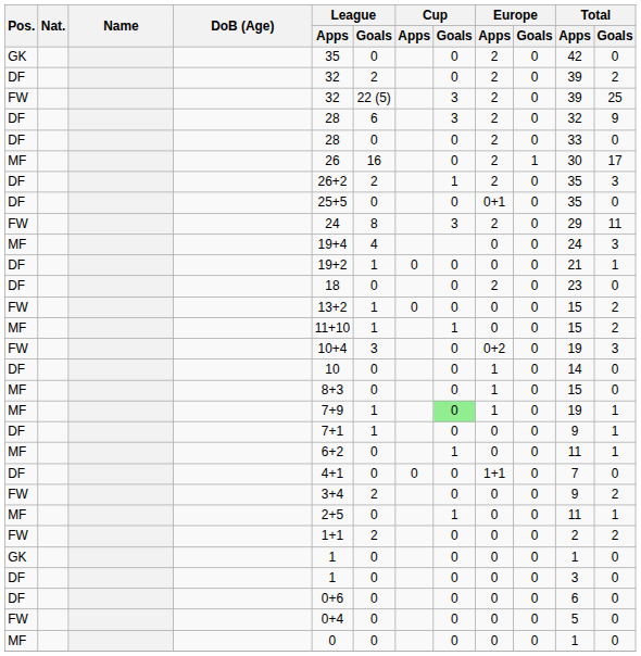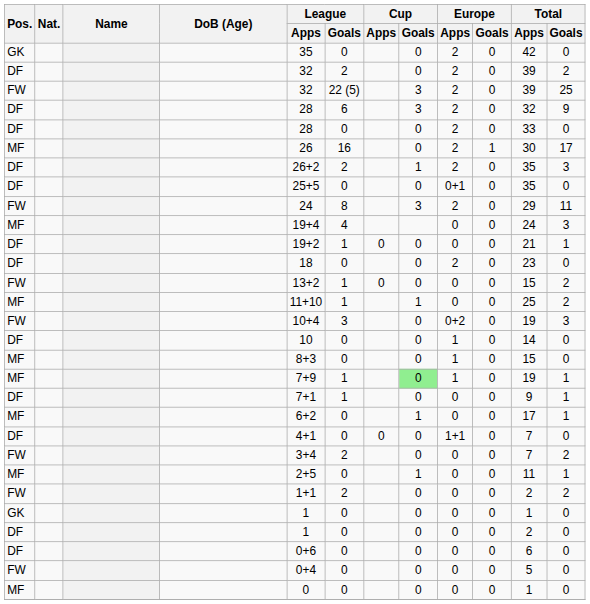 <table class="wikitable plainrowheaders sortable" style="text-align:center; font-size:98%;">
 <tr>
 <th rowspan="2">Pos.</th>
 <th rowspan="2">Nat.</th>
 <th rowspan="2" width="120">Name</th>
 <th rowspan="2" width="160">DoB (Age)</th>
 <th colspan="2" width="85">League</th>
 <th colspan="2" width="85">Cup</th>
 <th colspan="2" width="85">Europe</th>
 <th colspan="2" width="85">Total</th>
 </tr>
 <tr>
 <th>Apps</th>
 <th>Goals</th>
 <th>Apps</th>
 <th>Goals</th>
 <th>Apps</th>
 <th>Goals</th>
 <th>Apps</th>
 <th>Goals</th>
 </tr>
 <tr>
 <td align="left">GK</td>
 <td></td>
 <th scope="row"></th>
 <td align=left></td>
 <td>35</td>
 <td>0</td>
 <td></td>
 <td>0</td>
 <td>2</td>
 <td>0</td>
 <td>42</td>
 <td>0</td>
 </tr>
 <tr>
 <td align="left">DF</td>
 <td></td>
 <th scope="row"></th>
 <td align=left></td>
 <td>32</td>
 <td>2</td>
 <td></td>
 <td>0</td>
 <td>2</td>
 <td>0</td>
 <td>39</td>
 <td>2</td>
 </tr>
 <tr>
 <td align="left">FW</td>
 <td></td>
 <th scope="row"></th>
 <td align=left></td>
 <td>32</td>
 <td>22 (5)</td>
 <td></td>
 <td>3</td>
 <td>2</td>
 <td>0</td>
 <td>39</td>
 <td>25</td>
 </tr>
 <tr>
 <td align="left">DF</td>
 <td></td>
 <th scope="row"></th>
 <td align=left></td>
 <td>28</td>
 <td>6</td>
 <td></td>
 <td>3</td>
 <td>2</td>
 <td>0</td>
 <td>32</td>
 <td>9</td>
 </tr>
 <tr>
 <td align="left">DF</td>
 <td></td>
 <th scope="row"></th>
 <td align=left></td>
 <td>28</td>
 <td>0</td>
 <td></td>
 <td>0</td>
 <td>2</td>
 <td>0</td>
 <td>33</td>
 <td>0</td>
 </tr>
 <tr>
 <td align="left">MF</td>
 <td></td>
 <th scope="row"></th>
 <td align=left></td>
 <td>26</td>
 <td>16</td>
 <td></td>
 <td>0</td>
 <td>2</td>
 <td>1</td>
 <td>30</td>
 <td>17</td>
 </tr>
 <tr>
 <td align="left">DF</td>
 <td></td>
 <th scope="row"></th>
 <td align=left></td>
 <td>26+2</td>
 <td>2</td>
 <td></td>
 <td>1</td>
 <td>2</td>
 <td>0</td>
 <td>35</td>
 <td>3</td>
 </tr>
 <tr>
 <td align="left">DF</td>
 <td></td>
 <th scope="row"></th>
 <td align=left></td>
 <td>25+5</td>
 <td>0</td>
 <td></td>
 <td>0</td>
 <td>0+1</td>
 <td>0</td>
 <td>35</td>
 <td>0</td>
 </tr>
 <tr>
 <td align="left">FW</td>
 <td></td>
 <th scope="row"></th>
 <td align=left></td>
 <td>24</td>
 <td>8</td>
 <td></td>
 <td>3</td>
 <td>2</td>
 <td>0</td>
 <td>29</td>
 <td>11</td>
 </tr>
 <tr>
 <td align="left">MF</td>
 <td></td>
 <th scope="row"></th>
 <td align=left></td>
 <td>19+4</td>
 <td>4</td>
 <td></td>
 <td></td>
 <td>0</td>
 <td>0</td>
 <td>24</td>
 <td>3</td>
 </tr>
 <tr>
 <td align="left">DF</td>
 <td></td>
 <th scope="row"></th>
 <td align=left></td>
 <td>19+2</td>
 <td>1</td>
 <td>0</td>
 <td>0</td>
 <td>0</td>
 <td>0</td>
 <td>21</td>
 <td>1</td>
 </tr>
 <tr>
 <td align="left">DF</td>
 <td></td>
 <th scope="row"></th>
 <td align=left></td>
 <td>18</td>
 <td>0</td>
 <td></td>
 <td>0</td>
 <td>2</td>
 <td>0</td>
 <td>23</td>
 <td>0</td>
 </tr>
 <tr>
 <td align="left">FW</td>
 <td></td>
 <th scope="row"></th>
 <td align=left></td>
 <td>13+2</td>
 <td>1</td>
 <td>0</td>
 <td>0</td>
 <td>0</td>
 <td>0</td>
 <td>15</td>
 <td>2</td>
 </tr>
 <tr>
 <td align="left">MF</td>
 <td></td>
 <th scope="row"></th>
 <td align=left></td>
 <td>11+10</td>
 <td>1</td>
 <td></td>
 <td>1</td>
 <td>0</td>
 <td>0</td>
-<td>15</td>
+<td>25</td>
 <td>2</td>
 </tr>
 <tr>
 <td align="left">FW</td>
 <td></td>
 <th scope="row"></th>
 <td align=left></td>
 <td>10+4</td>
 <td>3</td>
 <td></td>
 <td>0</td>
 <td>0+2</td>
 <td>0</td>
 <td>19</td>
 <td>3</td>
 </tr>
 <tr>
 <td align="left">DF</td>
 <td></td>
 <th scope="row"></th>
 <td align=left></td>
 <td>10</td>
 <td>0</td>
 <td></td>
 <td>0</td>
 <td>1</td>
 <td>0</td>
 <td>14</td>
 <td>0</td>
 </tr>
 <tr>
 <td align="left">MF</td>
 <td></td>
 <th scope="row"></th>
 <td align=left></td>
 <td>8+3</td>
 <td>0</td>
 <td></td>
 <td>0</td>
 <td>1</td>
 <td>0</td>
 <td>15</td>
 <td>0</td>
 </tr>
 <tr>
 <td align="left">MF</td>
 <td></td>
 <th scope="row"></th>
 <td align=left></td>
 <td>7+9</td>
 <td>1</td>
 <td></td>
 <td style="background: lightgreen;">0</td>
 <td>1</td>
 <td>0</td>
 <td>19</td>
 <td>1</td>
 </tr>
 <tr>
 <td align="left">DF</td>
 <td></td>
 <th scope="row"></th>
 <td align=left></td>
 <td>7+1</td>
 <td>1</td>
 <td></td>
 <td>0</td>
 <td>0</td>
 <td>0</td>
 <td>9</td>
 <td>1</td>
 </tr>
 <tr>
 <td align="left">MF</td>
 <td></td>
 <th scope="row"></th>
 <td align=left></td>
 <td>6+2</td>
 <td>0</td>
 <td></td>
 <td>1</td>
 <td>0</td>
 <td>0</td>
-<td>11</td>
+<td>17</td>
 <td>1</td>
 </tr>
 <tr>
 <td align="left">DF</td>
 <td></td>
 <th scope="row"></th>
 <td align=left></td>
 <td>4+1</td>
 <td>0</td>
 <td>0</td>
 <td>0</td>
 <td>1+1</td>
 <td>0</td>
 <td>7</td>
 <td>0</td>
 </tr>
 <tr>
 <td align="left">FW</td>
 <td></td>
 <th scope="row"></th>
 <td align=left></td>
 <td>3+4</td>
 <td>2</td>
 <td></td>
 <td>0</td>
 <td>0</td>
 <td>0</td>
-<td>9</td>
+<td>7</td>
 <td>2</td>
 </tr>
 <tr>
 <td align="left">MF</td>
 <td></td>
 <th scope="row"></th>
 <td align=left></td>
 <td>2+5</td>
 <td>0</td>
 <td></td>
 <td>1</td>
 <td>0</td>
 <td>0</td>
 <td>11</td>
 <td>1</td>
 </tr>
 <tr>
 <td align="left">FW</td>
 <td></td>
 <th scope="row"></th>
 <td align=left></td>
 <td>1+1</td>
 <td>2</td>
 <td></td>
 <td>0</td>
 <td>0</td>
 <td>0</td>
 <td>2</td>
 <td>2</td>
 </tr>
 <tr>
 <td align="left">GK</td>
 <td></td>
 <th scope="row"></th>
 <td align=left></td>
 <td>1</td>
 <td>0</td>
 <td></td>
 <td>0</td>
 <td>0</td>
 <td>0</td>
 <td>1</td>
 <td>0</td>
 </tr>
 <tr>
 <td align="left">DF</td>
 <td></td>
 <th scope="row"></th>
 <td align=left></td>
 <td>1</td>
 <td>0</td>
 <td></td>
 <td>0</td>
 <td>0</td>
 <td>0</td>
-<td>3</td>
+<td>2</td>
 <td>0</td>
 </tr>
 <tr>
 <td align="left">DF</td>
 <td></td>
 <th scope="row"></th>
 <td align=left></td>
 <td>0+6</td>
 <td>0</td>
 <td></td>
 <td>0</td>
 <td>0</td>
 <td>0</td>
 <td>6</td>
 <td>0</td>
 </tr>
 <tr>
 <td align="left">FW</td>
 <td></td>
 <th scope="row"></th>
 <td align=left></td>
 <td>0+4</td>
 <td>0</td>
 <td></td>
 <td>0</td>
 <td>0</td>
 <td>0</td>
 <td>5</td>
 <td>0</td>
 </tr>
 <tr>
 <td align="left">MF</td>
 <td></td>
 <th scope="row"></th>
 <td align=left></td>
 <td>0</td>
 <td>0</td>
 <td></td>
 <td>0</td>
 <td>0</td>
 <td>0</td>
 <td>1</td>
 <td>0</td>
 </tr>
 <tr>
 </tr>
 </table>
